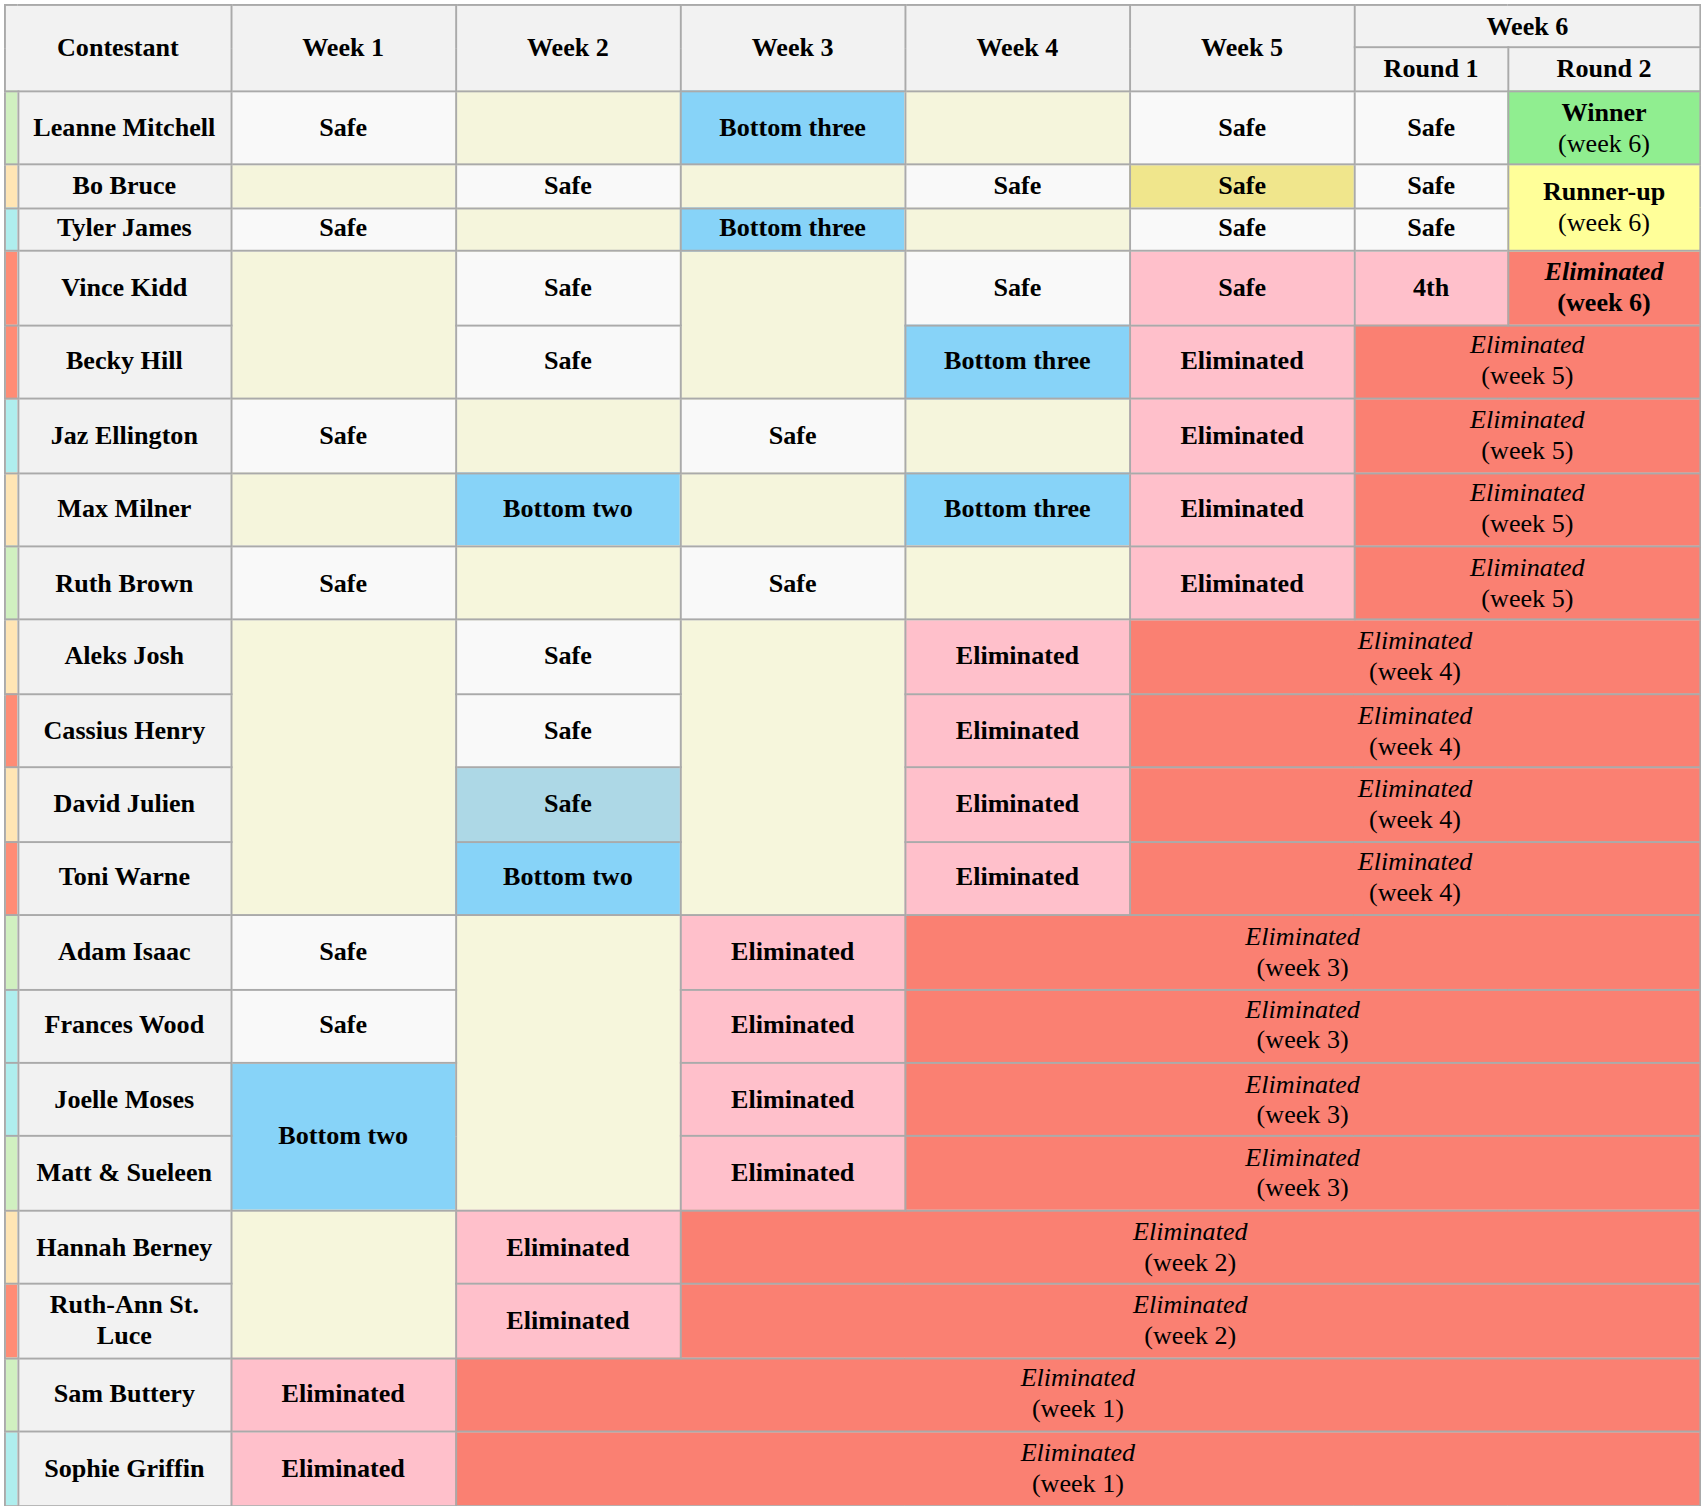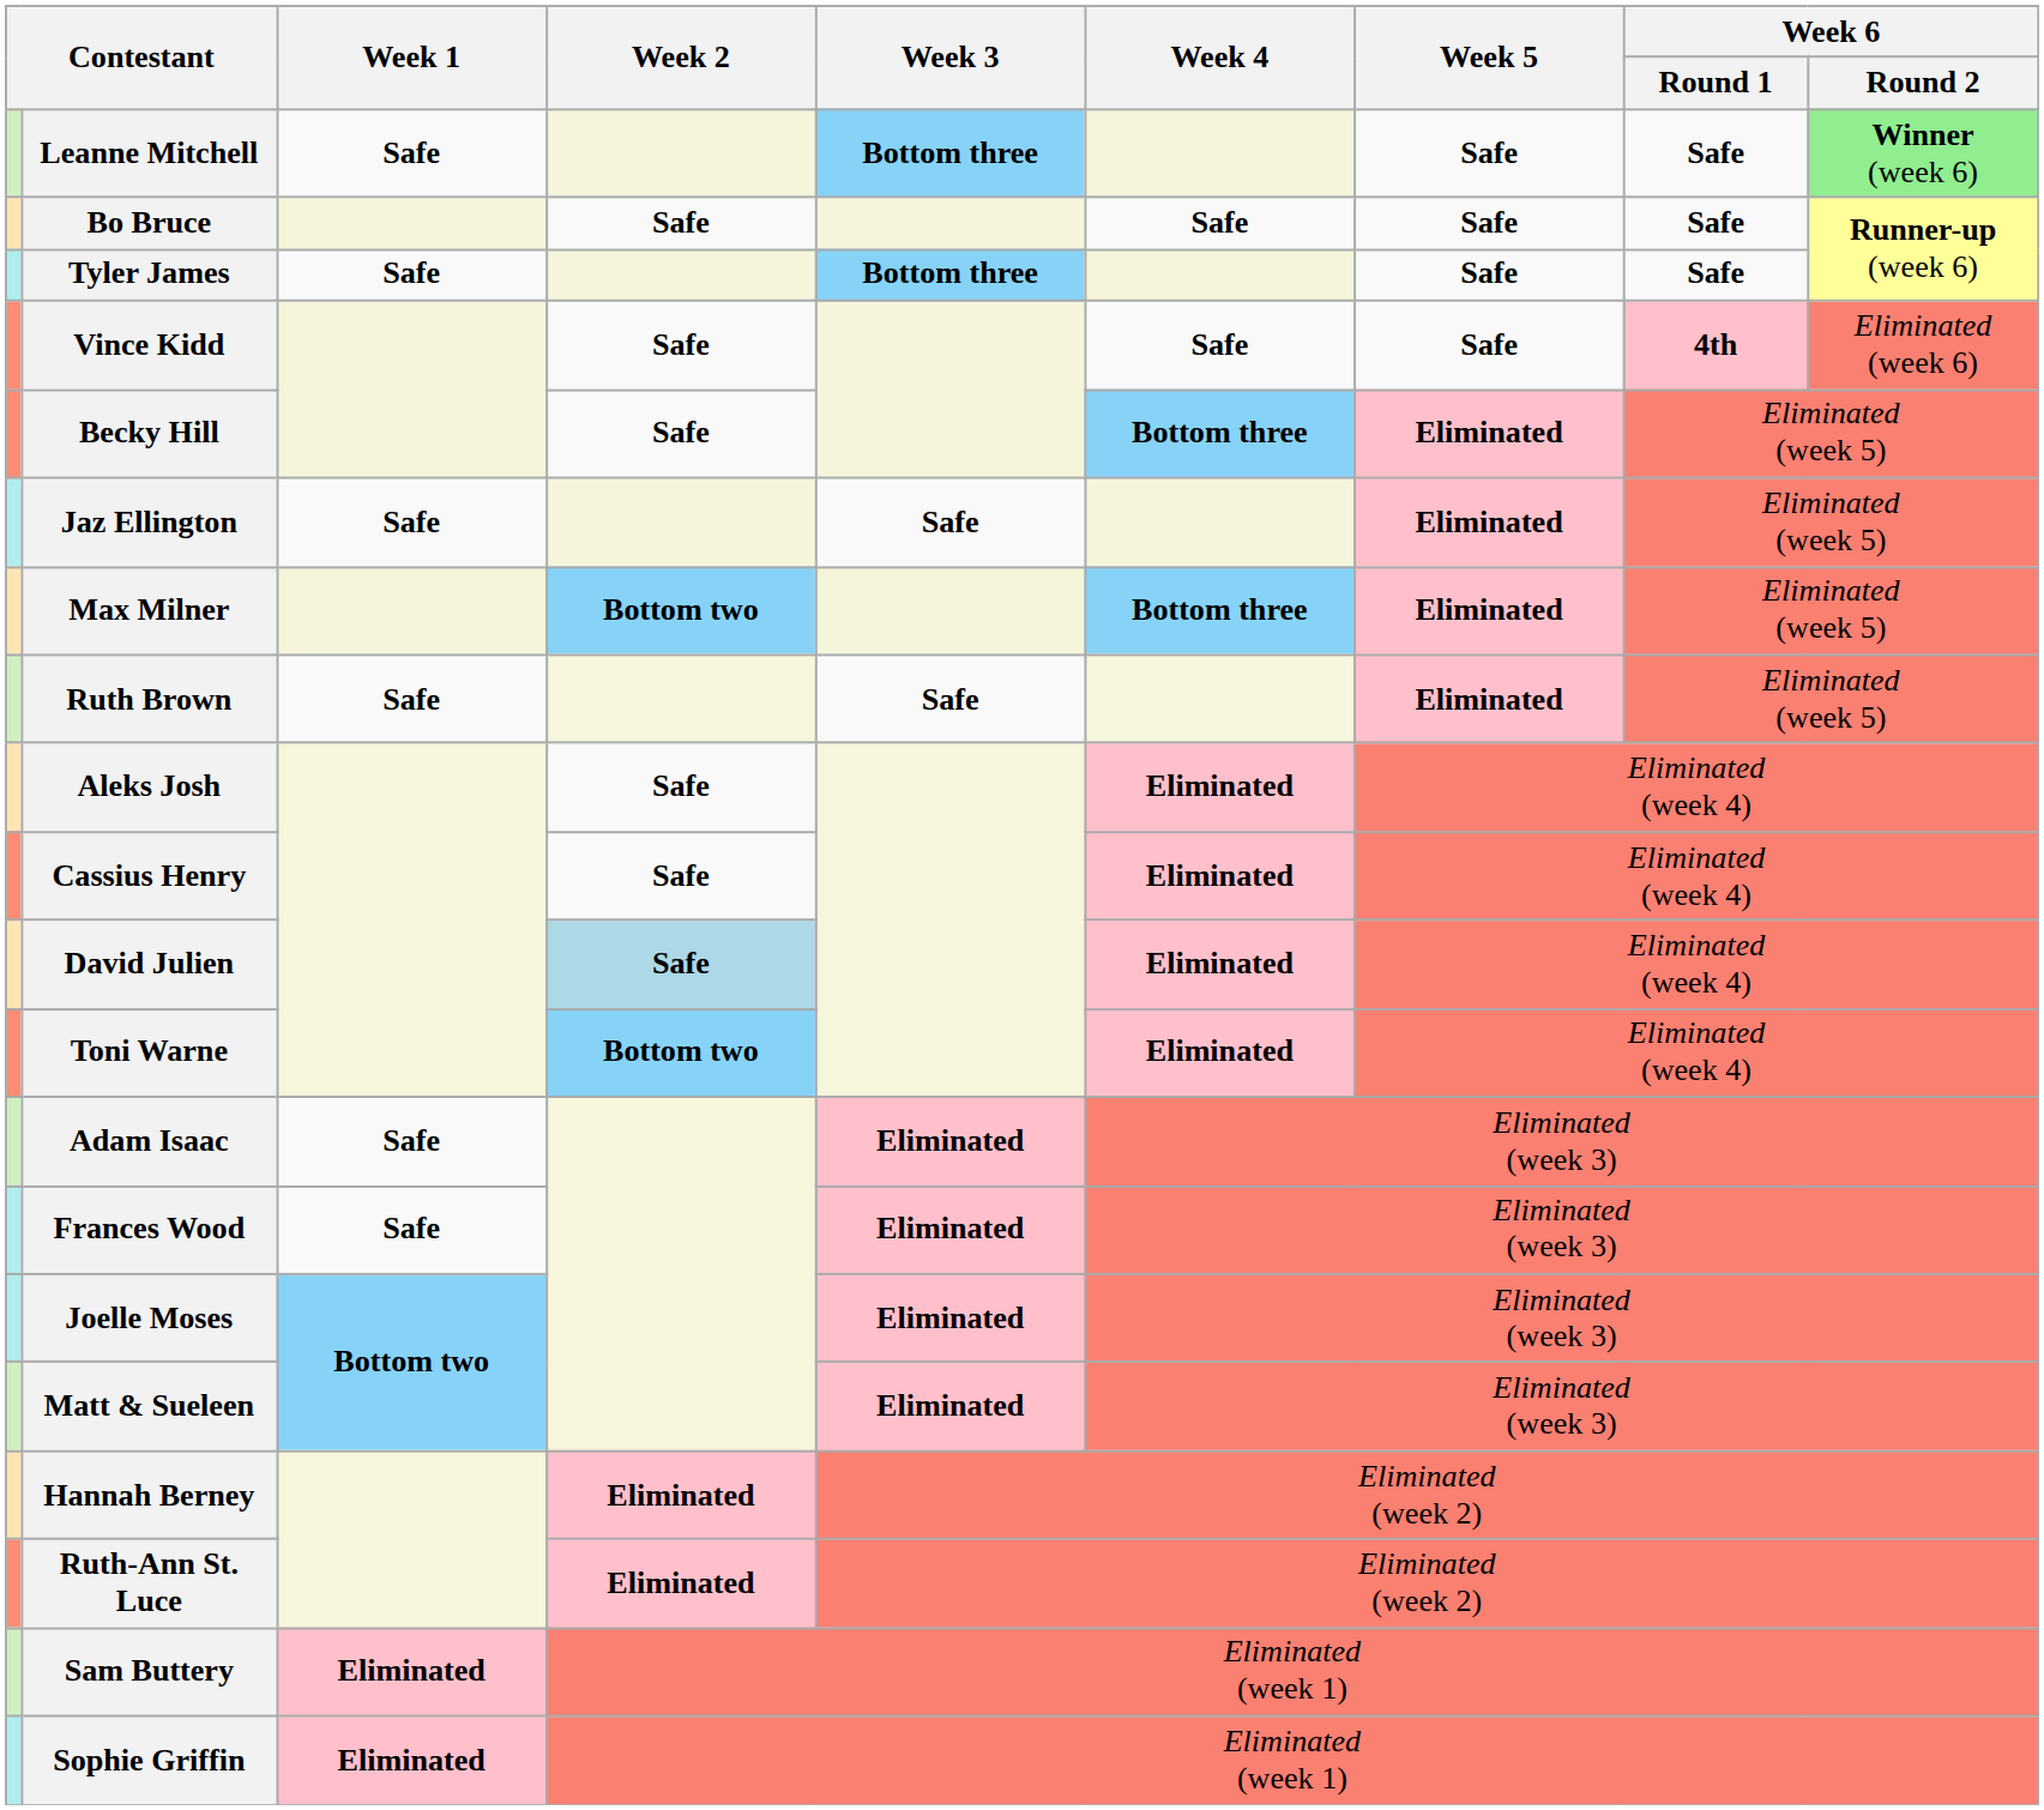 <table class="wikitable" style="text-align:center; font-size:85%; width:100%">
 <tr>
 <th style="width:13%" rowspan=2 colspan=2>Contestant</th>
 <th style="width:13%" rowspan=2>Week 1</th>
 <th style="width:13%" rowspan=2>Week 2</th>
 <th style="width:13%" rowspan=2>Week 3</th>
 <th style="width:13%" rowspan=2>Week 4</th>
 <th style="width:13%" rowspan=2>Week 5</th>
 <th style="width:20%" colspan=2>Week 6</th>
 </tr>
 <tr>
 <th>Round 1</th>
 <th>Round 2</th>
 </tr>
 <tr>
 <th style="background:#d0f0c0"></th>
 <th>Leanne Mitchell</th>
 <td><strong>Safe</strong></td>
 <td style = "background:#F5F5DC;"></td>
 <td style = "background:#87D3F8"><strong>Bottom three</strong></td>
 <td style="background:#F5F5DC;"></td>
 <td><strong>Safe</strong></td>
 <td><strong>Safe</strong></td>
 <td style="background:lightgreen"><strong>Winner</strong><br>(week 6)</td>
 </tr>
 <tr>
 <th style="background:#ffe5b4"></th>
 <th>Bo Bruce</th>
 <td style="background:#F5F5DC;"></td>
 <td><strong>Safe</strong></td>
 <td style="background:#F5F5DC;"></td>
 <td><strong>Safe</strong></td>
-<td style="background: khaki;"><strong>Safe</strong></td>
+<td><strong>Safe</strong></td>
 <td><strong>Safe</strong></td>
 <td rowspan="2" nowrap="" style="background:#ff9"><strong>Runner-up</strong><br>(week 6)</td>
 </tr>
 <tr>
 <th style="background:#afeeee"></th>
 <th>Tyler James</th>
 <td><strong>Safe</strong></td>
 <td style="background:#F5F5DC;"></td>
 <td style = "background:#87D3F8"><strong>Bottom three</strong></td>
 <td style="background:#F5F5DC;"></td>
 <td><strong>Safe</strong></td>
 <td><strong>Safe</strong></td>
 </tr>
 <tr>
 <th style="background:#ff8c75"></th>
 <th>Vince Kidd</th>
 <td rowspan="2" style="background:#F5F5DC;"></td>
 <td><strong>Safe</strong></td>
 <td rowspan="2" style="background:#F5F5DC;"></td>
 <td><strong>Safe</strong></td>
-<td style="background: pink;"><strong>Safe</strong></td>
+<td><strong>Safe</strong></td>
 <td style = "background:pink"><strong>4th</strong></td>
-<td style="background:#FA8072" colspan=1><strong><em>Eliminated</em><br>(week 6)</strong></td>
+<td style="background:#FA8072" colspan=1><em>Eliminated</em><br>(week 6)</td>
 </tr>
 <tr>
 <th style="background:#ff8c75"></th>
 <th>Becky Hill</th>
 <td><strong>Safe</strong></td>
 <td style = "background:#87D3F8"><strong>Bottom three</strong></td>
 <td style = "background:pink"><strong>Eliminated</strong></td>
 <td style = "background:#FA8072" colspan=3><em>Eliminated</em><br>(week 5)</td>
 </tr>
 <tr>
 <th style="background:#afeeee"></th>
 <th>Jaz Ellington</th>
 <td><strong>Safe</strong></td>
 <td style="background:#F5F5DC;"></td>
 <td><strong>Safe</strong></td>
 <td style="background:#F5F5DC;"></td>
 <td style = "background:pink"><strong>Eliminated</strong></td>
 <td style = "background:#FA8072" colspan=3><em>Eliminated</em><br>(week 5)</td>
 </tr>
 <tr>
 <th style="background:#ffe5b4"></th>
 <th>Max Milner</th>
 <td style="background:#F5F5DC;"></td>
 <td style = "background:#87D3F8"><strong>Bottom two</strong></td>
 <td style="background:#F5F5DC;"></td>
 <td style = "background:#87D3F8"><strong>Bottom three</strong></td>
 <td style = "background:pink"><strong>Eliminated</strong></td>
 <td style = "background:#FA8072" colspan=3><em>Eliminated</em><br>(week 5)</td>
 </tr>
 <tr>
 <th style="background:#d0f0c0"></th>
 <th>Ruth Brown</th>
 <td><strong>Safe</strong></td>
 <td style="background:#F6F6DC;"></td>
 <td><strong>Safe</strong></td>
 <td style="background:#F6F6DC;"></td>
 <td style = "background:pink"><strong>Eliminated</strong></td>
 <td style = "background:#FA8072" colspan=3><em>Eliminated</em><br>(week 5)</td>
 </tr>
 <tr>
 <th style="background:#ffe5b4"></th>
 <th>Aleks Josh</th>
 <td rowspan="4" style="background:#F6F6DC;"></td>
 <td><strong>Safe</strong></td>
 <td rowspan="4" style="background:#F6F6DC;"></td>
 <td style = "background:pink"><strong>Eliminated</strong></td>
 <td style = "background:#FA8072" colspan=4><em>Eliminated</em><br>(week 4)</td>
 </tr>
 <tr>
 <th style="background:#ff8c75"></th>
 <th>Cassius Henry</th>
 <td><strong>Safe</strong></td>
 <td style = "background:pink"><strong>Eliminated</strong></td>
 <td style = "background:#FA8072" colspan=4><em>Eliminated</em><br>(week 4)</td>
 </tr>
 <tr>
 <th style="background:#ffe5b4"></th>
 <th>David Julien</th>
 <td style="background: lightblue;"><strong>Safe</strong></td>
 <td style = "background:pink"><strong>Eliminated</strong></td>
 <td style = "background:#FA8072" colspan=4><em>Eliminated</em><br>(week 4)</td>
 </tr>
 <tr>
 <th style="background:#ff8c75"></th>
 <th>Toni Warne</th>
 <td style = "background:#87D3F8"><strong>Bottom two</strong></td>
 <td style = "background:pink"><strong>Eliminated</strong></td>
 <td style = "background:#FA8072" colspan=4><em>Eliminated</em><br>(week 4)</td>
 </tr>
 <tr>
 <th style="background:#d0f0c0"></th>
 <th>Adam Isaac</th>
 <td><strong>Safe</strong></td>
 <td rowspan="4" style="background:#F6F6DC;"></td>
 <td style = "background:pink"><strong>Eliminated</strong></td>
 <td style = "background:#FA8072" colspan=5><em>Eliminated</em><br>(week 3)</td>
 </tr>
 <tr>
 <th style="background:#afeeee"></th>
 <th>Frances Wood</th>
 <td><strong>Safe</strong></td>
 <td style = "background:pink"><strong>Eliminated</strong></td>
 <td style = "background:#FA8072" colspan=5><em>Eliminated</em><br>(week 3)</td>
 </tr>
 <tr>
 <th style="background:#afeeee"></th>
 <th>Joelle Moses</th>
 <td rowspan="2" style="background:#87D3F8"><strong>Bottom two</strong></td>
 <td style = "background:pink"><strong>Eliminated</strong></td>
 <td style = "background:#FA8072" colspan=5><em>Eliminated</em><br>(week 3)</td>
 </tr>
 <tr>
 <th style="background:#d0f0c0"></th>
 <th>Matt & Sueleen</th>
 <td style = "background:pink"><strong>Eliminated</strong></td>
 <td style = "background:#FA8072" colspan=5><em>Eliminated</em><br>(week 3)</td>
 </tr>
 <tr>
 <th style="background:#ffe5b4"></th>
 <th>Hannah Berney</th>
 <td rowspan="2" style="background:#F6F6DC;"></td>
 <td style = "background:pink"><strong>Eliminated</strong></td>
 <td style = "background:#FA8072" colspan=6><em>Eliminated</em><br>(week 2)</td>
 </tr>
 <tr>
 <th style="background:#ff8c75"></th>
 <th>Ruth-Ann St. Luce</th>
 <td style = "background:pink"><strong>Eliminated</strong></td>
 <td style = "background:#FA8072" colspan=6><em>Eliminated</em><br>(week 2)</td>
 </tr>
 <tr>
 <th style="background:#d0f0c0"></th>
 <th>Sam Buttery</th>
 <td style = "background:pink"><strong>Eliminated</strong></td>
 <td style = "background:#FA8072" colspan=8><em>Eliminated</em><br>(week 1)</td>
 </tr>
 <tr>
 <th style="background:#afeeee"></th>
 <th>Sophie Griffin</th>
 <td style = "background:pink"><strong>Eliminated</strong></td>
 <td style = "background:#FA8072" colspan=8><em>Eliminated</em><br>(week 1)</td>
 </tr>
 <tr>
 </tr>
 </table>
